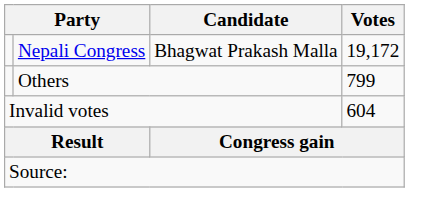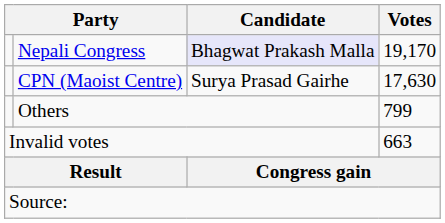 <table class="wikitable">
 <tr>
 <th colspan="2">Party</th>
 <th>Candidate</th>
 <th>Votes</th>
 </tr>
 <tr>
 <td style="background-color:"></td>
 <td><a href='#'>Nepali Congress</a></td>
-<td>Bhagwat Prakash Malla</td>
-<td>19,172</td>
+<td style="background: lavender;">Bhagwat Prakash Malla</td>
+<td>19,170</td>
+</tr>
+<tr>
+<td style="background-color:"></td>
+<td><a href='#'>CPN (Maoist Centre)</a></td>
+<td>Surya Prasad Gairhe</td>
+<td>17,630</td>
 </tr>
 <tr>
 <td></td>
 <td colspan="2">Others</td>
 <td>799</td>
 </tr>
 <tr>
 <td colspan="3">Invalid votes</td>
-<td>604</td>
+<td>663</td>
 </tr>
 <tr>
 <th colspan="2">Result</th>
 <th colspan="2">Congress gain</th>
 </tr>
 <tr>
 <td colspan="4">Source: </td>
 </tr>
 </table>
